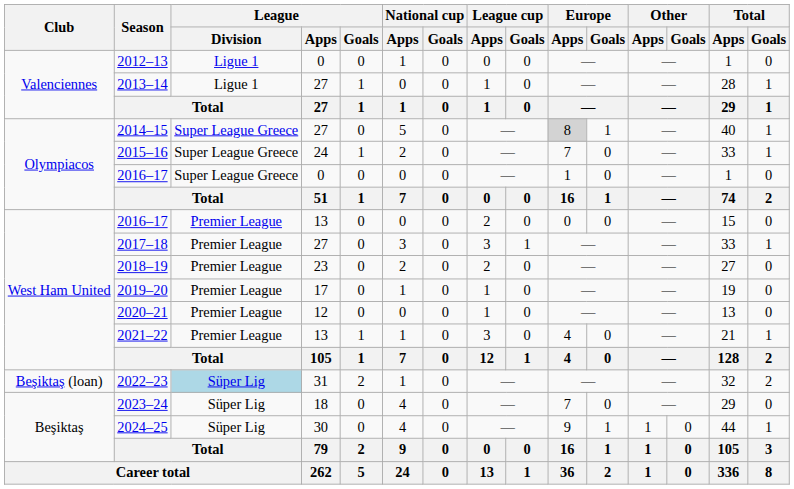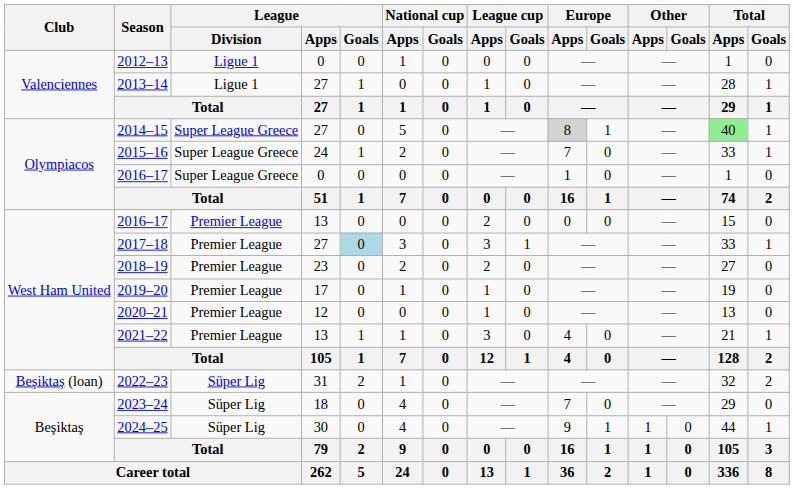 <table class="wikitable" style="text-align:center;">
 <tr>
 <th rowspan="2">Club</th>
 <th rowspan="2">Season</th>
 <th colspan="3">League</th>
 <th colspan="2">National cup</th>
 <th colspan="2">League cup</th>
 <th colspan="2">Europe</th>
 <th colspan="2">Other</th>
 <th colspan="2">Total</th>
 </tr>
 <tr>
 <th>Division</th>
 <th>Apps</th>
 <th>Goals</th>
 <th>Apps</th>
 <th>Goals</th>
 <th>Apps</th>
 <th>Goals</th>
 <th>Apps</th>
 <th>Goals</th>
 <th>Apps</th>
 <th>Goals</th>
 <th>Apps</th>
 <th>Goals</th>
 </tr>
 <tr>
 <td rowspan="3"><a href='#'>Valenciennes</a></td>
 <td><a href='#'>2012–13</a></td>
 <td><a href='#'>Ligue 1</a></td>
 <td>0</td>
 <td>0</td>
 <td>1</td>
 <td>0</td>
 <td>0</td>
 <td>0</td>
 <td colspan="2">—</td>
 <td colspan="2">—</td>
 <td>1</td>
 <td>0</td>
 </tr>
 <tr>
 <td><a href='#'>2013–14</a></td>
 <td>Ligue 1</td>
 <td>27</td>
 <td>1</td>
 <td>0</td>
 <td>0</td>
 <td>1</td>
 <td>0</td>
 <td colspan="2">—</td>
 <td colspan="2">—</td>
 <td>28</td>
 <td>1</td>
 </tr>
 <tr>
 <th colspan="2">Total</th>
 <th>27</th>
 <th>1</th>
 <th>1</th>
 <th>0</th>
 <th>1</th>
 <th>0</th>
 <th colspan="2">—</th>
 <th colspan="2">—</th>
 <th>29</th>
 <th>1</th>
 </tr>
 <tr>
 <td rowspan="4"><a href='#'>Olympiacos</a></td>
 <td><a href='#'>2014–15</a></td>
 <td><a href='#'>Super League Greece</a></td>
 <td>27</td>
 <td>0</td>
 <td>5</td>
 <td>0</td>
 <td colspan="2">—</td>
 <td style="background: lightgrey;">8</td>
 <td>1</td>
 <td colspan="2">—</td>
-<td>40</td>
+<td style="background: lightgreen;">40</td>
 <td>1</td>
 </tr>
 <tr>
 <td><a href='#'>2015–16</a></td>
 <td>Super League Greece</td>
 <td>24</td>
 <td>1</td>
 <td>2</td>
 <td>0</td>
 <td colspan="2">—</td>
 <td>7</td>
 <td>0</td>
 <td colspan="2">—</td>
 <td>33</td>
 <td>1</td>
 </tr>
 <tr>
 <td><a href='#'>2016–17</a></td>
 <td>Super League Greece</td>
 <td>0</td>
 <td>0</td>
 <td>0</td>
 <td>0</td>
 <td colspan="2">—</td>
 <td>1</td>
 <td>0</td>
 <td colspan="2">—</td>
 <td>1</td>
 <td>0</td>
 </tr>
 <tr>
 <th colspan="2">Total</th>
 <th>51</th>
 <th>1</th>
 <th>7</th>
 <th>0</th>
 <th>0</th>
 <th>0</th>
 <th>16</th>
 <th>1</th>
 <th colspan="2">—</th>
 <th>74</th>
 <th>2</th>
 </tr>
 <tr>
 <td rowspan="7"><a href='#'>West Ham United</a></td>
 <td><a href='#'>2016–17</a></td>
 <td><a href='#'>Premier League</a></td>
 <td>13</td>
 <td>0</td>
 <td>0</td>
 <td>0</td>
 <td>2</td>
 <td>0</td>
 <td>0</td>
 <td>0</td>
 <td colspan="2">—</td>
 <td>15</td>
 <td>0</td>
 </tr>
 <tr>
 <td><a href='#'>2017–18</a></td>
 <td>Premier League</td>
 <td>27</td>
-<td>0</td>
+<td style="background: lightblue;">0</td>
 <td>3</td>
 <td>0</td>
 <td>3</td>
 <td>1</td>
 <td colspan="2">—</td>
 <td colspan="2">—</td>
 <td>33</td>
 <td>1</td>
 </tr>
 <tr>
 <td><a href='#'>2018–19</a></td>
 <td>Premier League</td>
 <td>23</td>
 <td>0</td>
 <td>2</td>
 <td>0</td>
 <td>2</td>
 <td>0</td>
 <td colspan="2">—</td>
 <td colspan="2">—</td>
 <td>27</td>
 <td>0</td>
 </tr>
 <tr>
 <td><a href='#'>2019–20</a></td>
 <td>Premier League</td>
 <td>17</td>
 <td>0</td>
 <td>1</td>
 <td>0</td>
 <td>1</td>
 <td>0</td>
 <td colspan="2">—</td>
 <td colspan="2">—</td>
 <td>19</td>
 <td>0</td>
 </tr>
 <tr>
 <td><a href='#'>2020–21</a></td>
 <td>Premier League</td>
 <td>12</td>
 <td>0</td>
 <td>0</td>
 <td>0</td>
 <td>1</td>
 <td>0</td>
 <td colspan="2">—</td>
 <td colspan="2">—</td>
 <td>13</td>
 <td>0</td>
 </tr>
 <tr>
 <td><a href='#'>2021–22</a></td>
 <td>Premier League</td>
 <td>13</td>
 <td>1</td>
 <td>1</td>
 <td>0</td>
 <td>3</td>
 <td>0</td>
 <td>4</td>
 <td>0</td>
 <td colspan="2">—</td>
 <td>21</td>
 <td>1</td>
 </tr>
 <tr>
 <th colspan="2">Total</th>
 <th>105</th>
 <th>1</th>
 <th>7</th>
 <th>0</th>
 <th>12</th>
 <th>1</th>
 <th>4</th>
 <th>0</th>
 <th colspan="2">—</th>
 <th>128</th>
 <th>2</th>
 </tr>
 <tr>
 <td><a href='#'>Beşiktaş</a> (loan)</td>
 <td><a href='#'>2022–23</a></td>
-<td style="background: lightblue;"><a href='#'>Süper Lig</a></td>
+<td><a href='#'>Süper Lig</a></td>
 <td>31</td>
 <td>2</td>
 <td>1</td>
 <td>0</td>
 <td colspan="2">—</td>
 <td colspan="2">—</td>
 <td colspan="2">—</td>
 <td>32</td>
 <td>2</td>
 </tr>
 <tr>
 <td rowspan="3">Beşiktaş</td>
 <td><a href='#'>2023–24</a></td>
 <td>Süper Lig</td>
 <td>18</td>
 <td>0</td>
 <td>4</td>
 <td>0</td>
 <td colspan="2">—</td>
 <td>7</td>
 <td>0</td>
 <td colspan="2">—</td>
 <td>29</td>
 <td>0</td>
 </tr>
 <tr>
 <td><a href='#'>2024–25</a></td>
 <td>Süper Lig</td>
 <td>30</td>
 <td>0</td>
 <td>4</td>
 <td>0</td>
 <td colspan="2">—</td>
 <td>9</td>
 <td>1</td>
 <td>1</td>
 <td>0</td>
 <td>44</td>
 <td>1</td>
 </tr>
 <tr>
 <th colspan="2">Total</th>
 <th>79</th>
 <th>2</th>
 <th>9</th>
 <th>0</th>
 <th>0</th>
 <th>0</th>
 <th>16</th>
 <th>1</th>
 <th>1</th>
 <th>0</th>
 <th>105</th>
 <th>3</th>
 </tr>
 <tr>
 <th colspan="3">Career total</th>
 <th>262</th>
 <th>5</th>
 <th>24</th>
 <th>0</th>
 <th>13</th>
 <th>1</th>
 <th>36</th>
 <th>2</th>
 <th>1</th>
 <th>0</th>
 <th>336</th>
 <th>8</th>
 </tr>
 </table>
